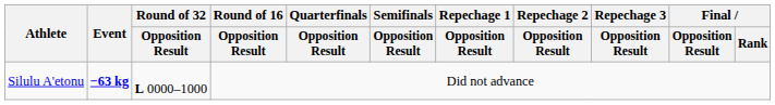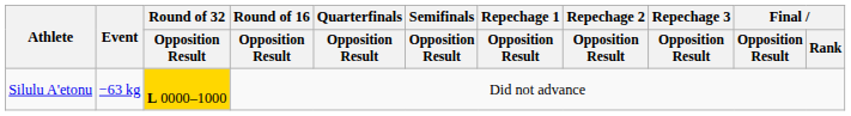 <table class="wikitable" style="font-size:90%">
 <tr>
 <th rowspan="2">Athlete</th>
 <th rowspan="2">Event</th>
 <th>Round of 32</th>
 <th>Round of 16</th>
 <th>Quarterfinals</th>
 <th>Semifinals</th>
 <th>Repechage 1</th>
 <th>Repechage 2</th>
 <th>Repechage 3</th>
 <th colspan=2>Final / </th>
 </tr>
 <tr style="font-size:95%">
 <th>Opposition<br>Result</th>
 <th>Opposition<br>Result</th>
 <th>Opposition<br>Result</th>
 <th>Opposition<br>Result</th>
 <th>Opposition<br>Result</th>
 <th>Opposition<br>Result</th>
 <th>Opposition<br>Result</th>
 <th>Opposition<br>Result</th>
 <th>Rank</th>
 </tr>
 <tr align=center>
 <td align=left><a href='#'>Silulu A'etonu</a></td>
-<td align=left><strong><a href='#'>−63 kg</a></strong></td>
-<td><br> <strong>L</strong> 0000–1000</td>
+<td align=left><a href='#'>−63 kg</a></td>
+<td style="background: gold;"><br> <strong>L</strong> 0000–1000</td>
 <td colspan=8>Did not advance</td>
 </tr>
 </table>
